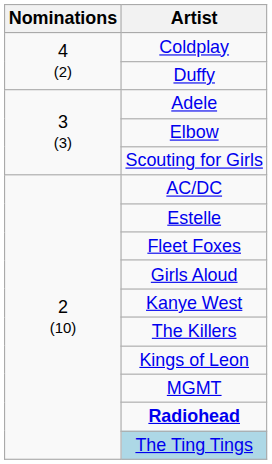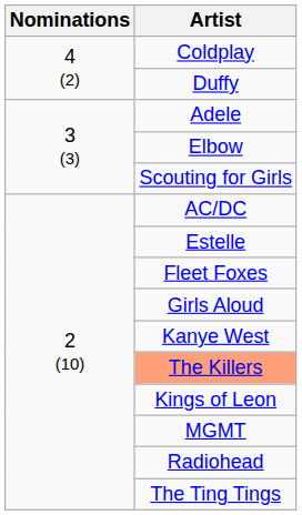 <table class="wikitable" rowspan="2" style="text-align:center;">
 <tr>
 <th scope="col" style="width:55px;">Nominations</th>
 <th scope="col" style="text-align:center;">Artist</th>
 </tr>
 <tr>
 <td rowspan="2">4<br><small>(2)</small></td>
 <td><a href='#'>Coldplay</a></td>
 </tr>
 <tr>
 <td><a href='#'>Duffy</a></td>
 </tr>
 <tr>
 <td rowspan="3">3<br><small>(3)</small></td>
 <td><a href='#'>Adele</a></td>
 </tr>
 <tr>
 <td><a href='#'>Elbow</a></td>
 </tr>
 <tr>
 <td><a href='#'>Scouting for Girls</a></td>
 </tr>
 <tr>
 <td rowspan="10">2<br><small>(10)</small></td>
 <td><a href='#'>AC/DC</a></td>
 </tr>
 <tr>
 <td><a href='#'>Estelle</a></td>
 </tr>
 <tr>
 <td><a href='#'>Fleet Foxes</a></td>
 </tr>
 <tr>
 <td><a href='#'>Girls Aloud</a></td>
 </tr>
 <tr>
 <td><a href='#'>Kanye West</a></td>
 </tr>
 <tr>
-<td><a href='#'>The Killers</a></td>
+<td style="background: lightsalmon;"><a href='#'>The Killers</a></td>
 </tr>
 <tr>
 <td><a href='#'>Kings of Leon</a></td>
 </tr>
 <tr>
 <td><a href='#'>MGMT</a></td>
 </tr>
 <tr>
-<td><strong><a href='#'>Radiohead</a></strong></td>
+<td><a href='#'>Radiohead</a></td>
 </tr>
 <tr>
-<td style="background: lightblue;"><a href='#'>The Ting Tings</a></td>
+<td><a href='#'>The Ting Tings</a></td>
 </tr>
 </table>
